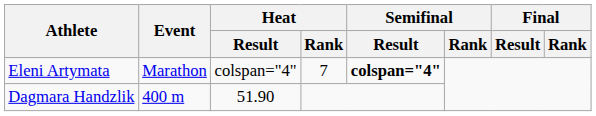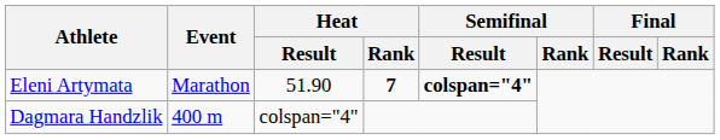 <table class="wikitable">
 <tr>
 <th rowspan="2">Athlete</th>
 <th rowspan="2">Event</th>
 <th colspan="2">Heat</th>
 <th colspan="2">Semifinal</th>
 <th colspan="2">Final</th>
 </tr>
 <tr>
 <th>Result</th>
 <th>Rank</th>
 <th>Result</th>
 <th>Rank</th>
 <th>Result</th>
 <th>Rank</th>
 </tr>
 <tr style=text-align:center>
 <td style=text-align:left><a href='#'>Eleni Artymata</a></td>
 <td style=text-align:left><a href='#'>Marathon</a></td>
-<td>colspan="4" </td>
-<td>7</td>
+<td>51.90</td>
+<td><strong>7</strong></td>
 <td><strong>colspan="4" </strong></td>
 </tr>
 <tr style=text-align:center>
 <td style=text-align:left><a href='#'>Dagmara Handzlik</a></td>
 <td style=text-align:left><a href='#'>400 m</a></td>
-<td>51.90</td>
+<td>colspan="4" </td>
 <td colspan="2"></td>
 </tr>
 </table>
